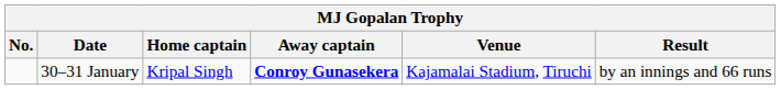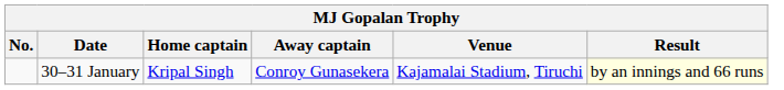 <table class="wikitable">
 <tr>
 <th colspan="9">MJ Gopalan Trophy</th>
 </tr>
 <tr>
 <th>No.</th>
 <th>Date</th>
 <th>Home captain</th>
 <th>Away captain</th>
 <th>Venue</th>
 <th>Result</th>
 </tr>
 <tr>
 <td></td>
 <td>30–31 January</td>
 <td><a href='#'>Kripal Singh</a></td>
-<td><strong><a href='#'>Conroy Gunasekera</a></strong></td>
+<td><a href='#'>Conroy Gunasekera</a></td>
 <td><a href='#'>Kajamalai Stadium</a>, <a href='#'>Tiruchi</a></td>
-<td> by an innings and 66 runs</td>
+<td style="background: lightyellow;"> by an innings and 66 runs</td>
 </tr>
 </table>
